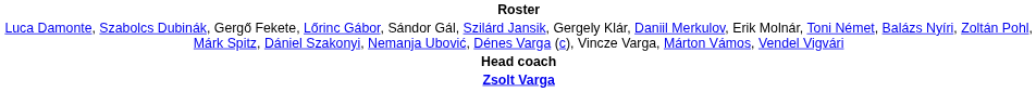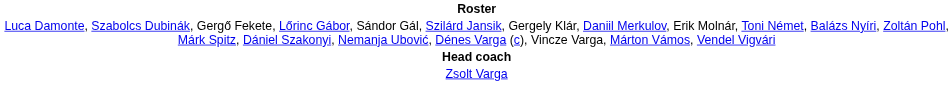 <table style="text-align: center; margin-top: 2em; margin-left: auto; margin-right: auto">
 <tr>
 <td><strong>Roster</strong></td>
 </tr>
 <tr>
 <td><a href='#'>Luca Damonte</a>, <a href='#'>Szabolcs Dubinák</a>, Gergő Fekete, <a href='#'>Lőrinc Gábor</a>, Sándor Gál, <a href='#'>Szilárd Jansik</a>, Gergely Klár, <a href='#'>Daniil Merkulov</a>, Erik Molnár, <a href='#'>Toni Német</a>, <a href='#'>Balázs Nyíri</a>, <a href='#'>Zoltán Pohl</a>, <a href='#'>Márk Spitz</a>, <a href='#'>Dániel Szakonyi</a>, <a href='#'>Nemanja Ubović</a>, <a href='#'>Dénes Varga</a> (<a href='#'>c</a>), Vincze Varga, <a href='#'>Márton Vámos</a>, <a href='#'>Vendel Vigvári</a></td>
 </tr>
 <tr>
 <td><strong>Head coach</strong></td>
 </tr>
 <tr>
-<td><strong><a href='#'>Zsolt Varga</a></strong></td>
+<td><a href='#'>Zsolt Varga</a></td>
 </tr>
 </table>
